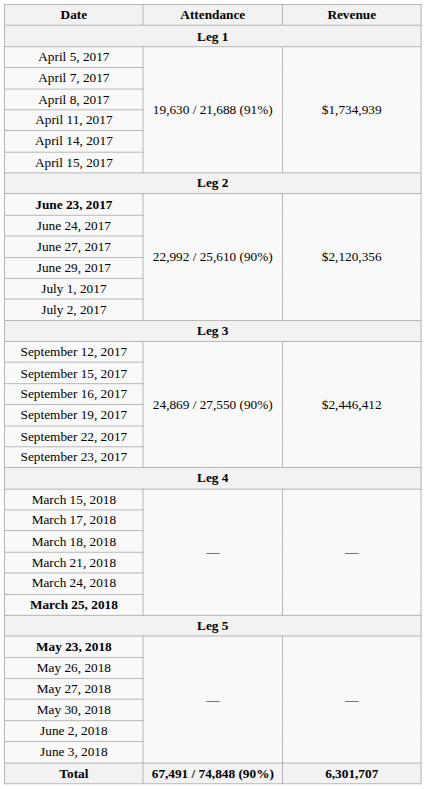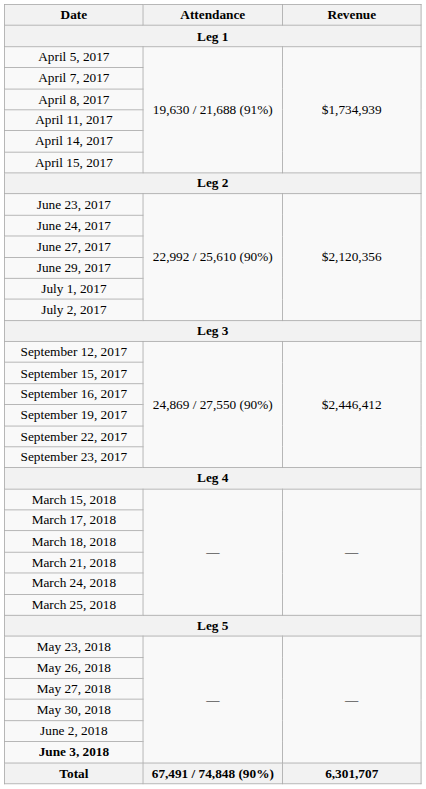 <table class="wikitable" style="text-align:center;">
 <tr>
 <th scope="col" style="width:10em;">Date</th>
 <th scope="col" style="width:10em;">Attendance</th>
 <th scope="col" style="width:10em;">Revenue</th>
 </tr>
 <tr>
 <th colspan="3">Leg 1</th>
 </tr>
 <tr>
 <td>April 5, 2017</td>
 <td rowspan="6">19,630 / 21,688 (91%)</td>
 <td rowspan="6">$1,734,939</td>
 </tr>
 <tr>
 <td>April 7, 2017</td>
 </tr>
 <tr>
 <td>April 8, 2017</td>
 </tr>
 <tr>
 <td>April 11, 2017</td>
 </tr>
 <tr>
 <td>April 14, 2017</td>
 </tr>
 <tr>
 <td>April 15, 2017</td>
 </tr>
 <tr>
 <th colspan="3">Leg 2</th>
 </tr>
 <tr>
-<td><strong>June 23, 2017</strong></td>
+<td>June 23, 2017</td>
 <td rowspan="6">22,992 / 25,610 (90%)</td>
 <td rowspan="6">$2,120,356</td>
 </tr>
 <tr>
 <td>June 24, 2017</td>
 </tr>
 <tr>
 <td>June 27, 2017</td>
 </tr>
 <tr>
 <td>June 29, 2017</td>
 </tr>
 <tr>
 <td>July 1, 2017</td>
 </tr>
 <tr>
 <td>July 2, 2017</td>
 </tr>
 <tr>
 <th colspan="3">Leg 3</th>
 </tr>
 <tr>
 <td>September 12, 2017</td>
 <td rowspan="6">24,869 / 27,550 (90%)</td>
 <td rowspan="6">$2,446,412</td>
 </tr>
 <tr>
 <td>September 15, 2017</td>
 </tr>
 <tr>
 <td>September 16, 2017</td>
 </tr>
 <tr>
 <td>September 19, 2017</td>
 </tr>
 <tr>
 <td>September 22, 2017</td>
 </tr>
 <tr>
 <td>September 23, 2017</td>
 </tr>
 <tr>
 <th colspan="3">Leg 4</th>
 </tr>
 <tr>
 <td>March 15, 2018</td>
 <td rowspan="6">—</td>
 <td rowspan="6">—</td>
 </tr>
 <tr>
 <td>March 17, 2018</td>
 </tr>
 <tr>
 <td>March 18, 2018</td>
 </tr>
 <tr>
 <td>March 21, 2018</td>
 </tr>
 <tr>
 <td>March 24, 2018</td>
 </tr>
 <tr>
-<td><strong>March 25, 2018</strong></td>
+<td>March 25, 2018</td>
 </tr>
 <tr>
 <th colspan="3">Leg 5</th>
 </tr>
 <tr>
-<td><strong>May 23, 2018</strong></td>
+<td>May 23, 2018</td>
 <td rowspan="6">—</td>
 <td rowspan="6">—</td>
 </tr>
 <tr>
 <td>May 26, 2018</td>
 </tr>
 <tr>
 <td>May 27, 2018</td>
 </tr>
 <tr>
 <td>May 30, 2018</td>
 </tr>
 <tr>
 <td>June 2, 2018</td>
 </tr>
 <tr>
-<td>June 3, 2018</td>
+<td><strong>June 3, 2018</strong></td>
 </tr>
 <tr>
 <th colspan="1">Total</th>
 <th>67,491 / 74,848 (90%)</th>
 <th>6,301,707</th>
 </tr>
 </table>
